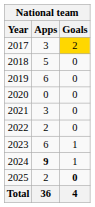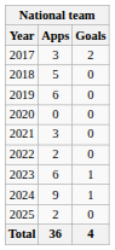 <table class="wikitable" style="text-align:center">
 <tr>
 <th colspan=3>National team</th>
 </tr>
 <tr>
 <th>Year</th>
 <th>Apps</th>
 <th>Goals</th>
 </tr>
 <tr>
 <td>2017</td>
 <td>3</td>
-<td style="background: gold;">2</td>
+<td>2</td>
 </tr>
 <tr>
 <td>2018</td>
 <td>5</td>
 <td>0</td>
 </tr>
 <tr>
 <td>2019</td>
 <td>6</td>
 <td>0</td>
 </tr>
 <tr>
 <td>2020</td>
 <td>0</td>
 <td>0</td>
 </tr>
 <tr>
 <td>2021</td>
 <td>3</td>
 <td>0</td>
 </tr>
 <tr>
 <td>2022</td>
 <td>2</td>
 <td>0</td>
 </tr>
 <tr>
 <td>2023</td>
 <td>6</td>
 <td>1</td>
 </tr>
 <tr>
 <td>2024</td>
-<td><strong>9</strong></td>
+<td>9</td>
 <td>1</td>
 </tr>
 <tr>
 <td>2025</td>
 <td>2</td>
-<td><strong>0</strong></td>
+<td>0</td>
 </tr>
 <tr>
 <th>Total</th>
 <th>36</th>
 <th>4</th>
 </tr>
 </table>
